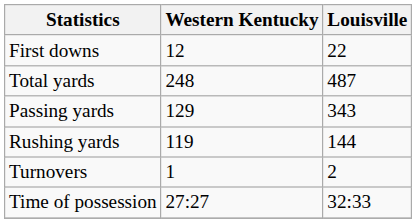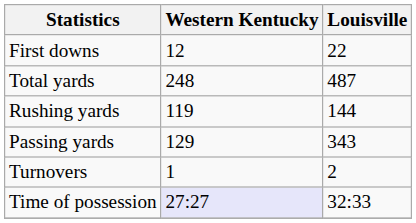 <table class="wikitable">
 <tr>
 <th>Statistics</th>
 <th>Western Kentucky</th>
 <th>Louisville</th>
 </tr>
 <tr>
 <td>First downs</td>
 <td>12</td>
 <td>22</td>
 </tr>
 <tr>
 <td>Total yards</td>
 <td>248</td>
 <td>487</td>
 </tr>
 <tr>
+<td>Rushing yards</td>
+<td>119</td>
+<td>144</td>
+</tr>
+<tr>
 <td>Passing yards</td>
 <td>129</td>
 <td>343</td>
-</tr>
-<tr>
-<td>Rushing yards</td>
-<td>119</td>
-<td>144</td>
 </tr>
 <tr>
 <td>Turnovers</td>
 <td>1</td>
 <td>2</td>
 </tr>
 <tr>
 <td>Time of possession</td>
-<td>27:27</td>
+<td style="background: lavender;">27:27</td>
 <td>32:33</td>
 </tr>
 <tr>
 </tr>
 </table>
